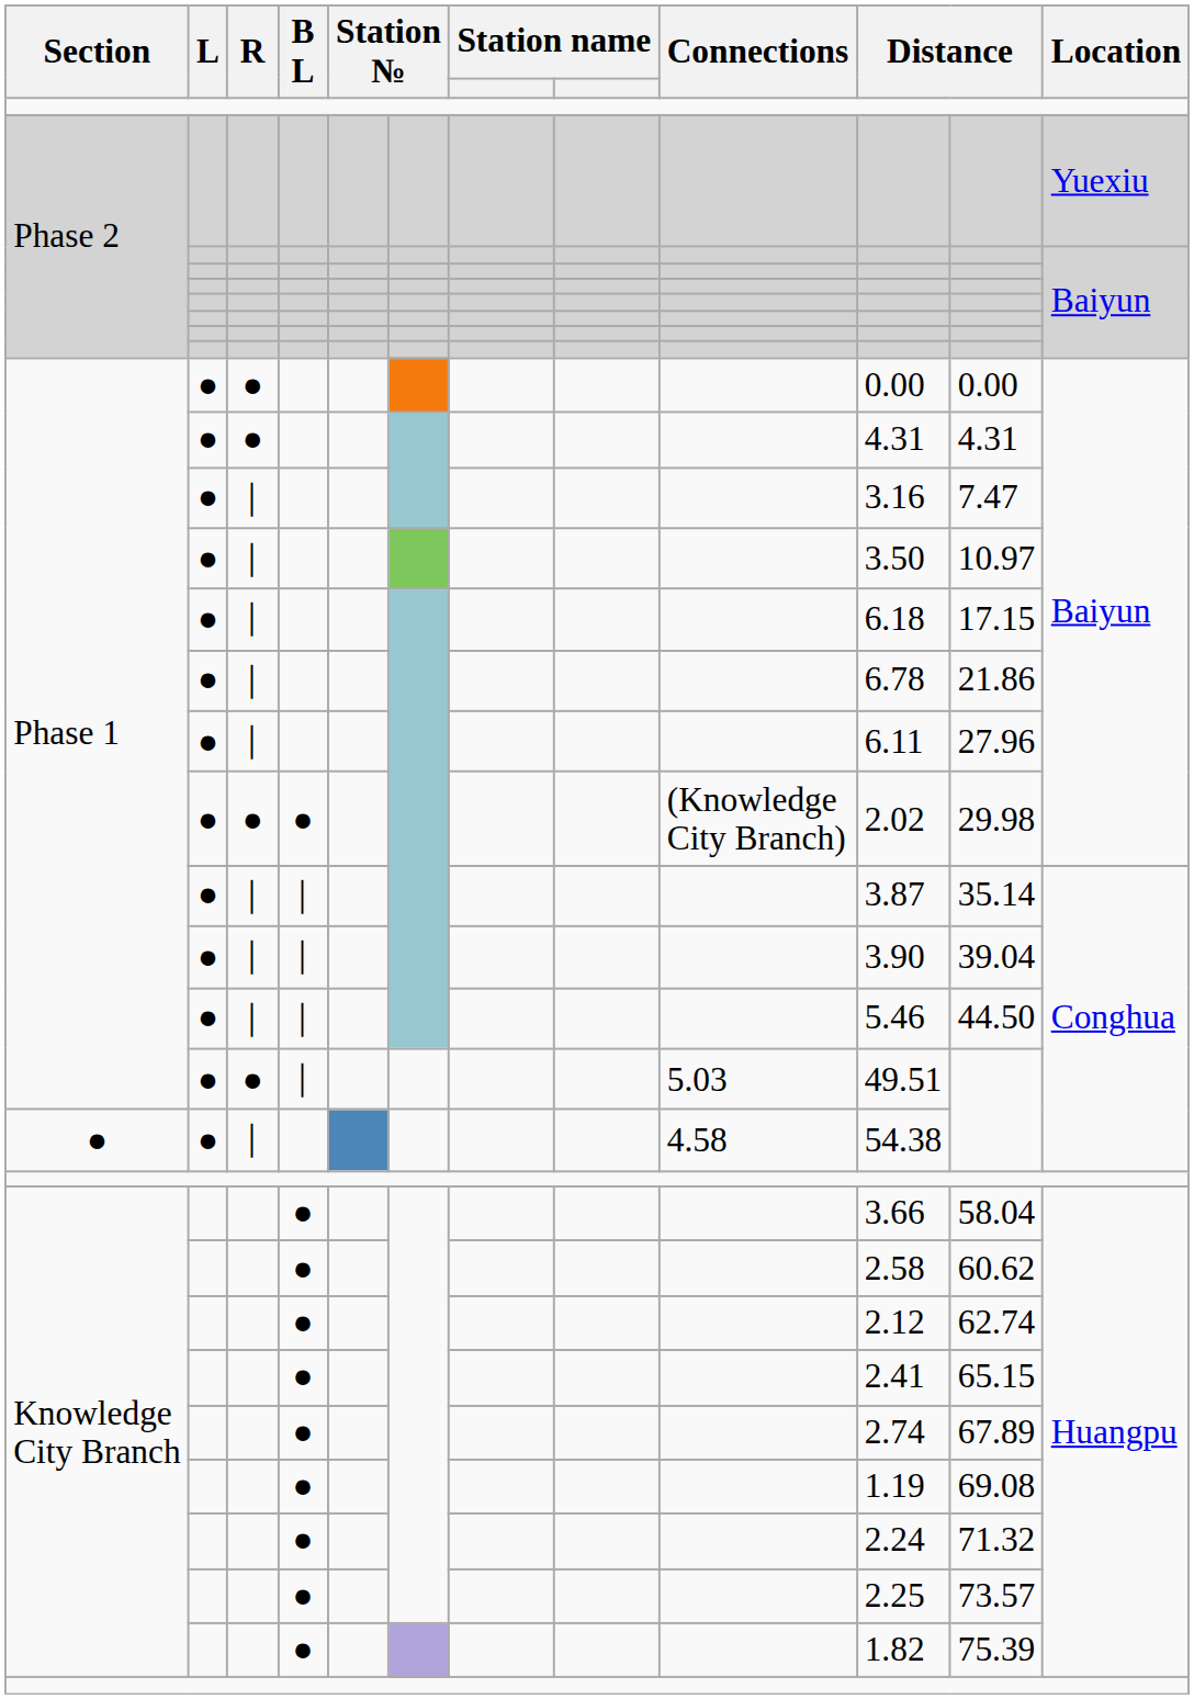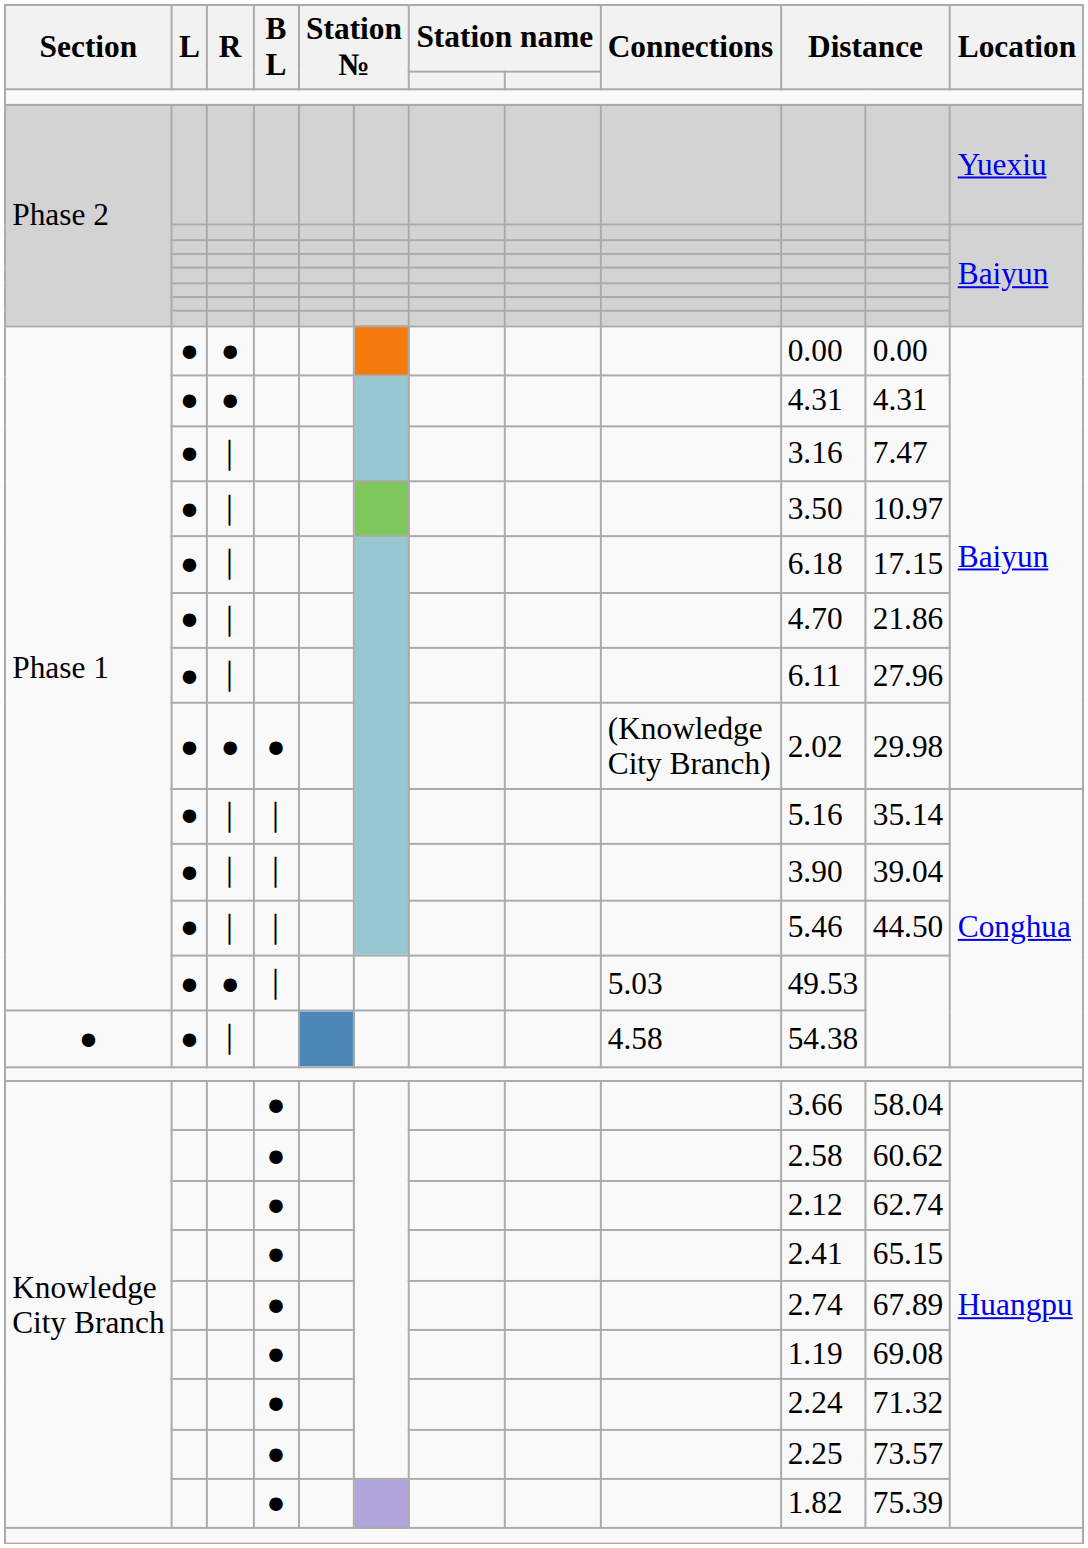 <table class="wikitable">
 <tr>
 <th rowspan="2">Section</th>
 <th rowspan="2">L</th>
 <th rowspan="2">R</th>
 <th rowspan="2">B<br>L</th>
 <th rowspan="2" colspan="2">Station<br>№</th>
 <th colspan="2">Station name</th>
 <th rowspan="2">Connections</th>
 <th colspan="2" rowspan="2">Distance<br></th>
 <th rowspan="2">Location</th>
 </tr>
 <tr>
 <th></th>
 <th></th>
 </tr>
 <tr style="background:#">
 <td colspan = "12"></td>
 </tr>
 <tr>
 </tr>
 <tr bgcolor="lightgrey">
 <td rowspan="8">Phase 2</td>
 <td></td>
 <td></td>
 <td></td>
 <td></td>
 <td></td>
 <td></td>
 <td></td>
 <td> <br> <br> <br> </td>
 <td></td>
 <td></td>
 <td><a href='#'>Yuexiu</a></td>
 </tr>
 <tr bgcolor="lightgrey">
 <td></td>
 <td></td>
 <td></td>
 <td></td>
 <td></td>
 <td></td>
 <td></td>
 <td></td>
 <td></td>
 <td></td>
 <td rowspan="7"><a href='#'>Baiyun</a></td>
 </tr>
 <tr bgcolor="lightgrey">
 <td></td>
 <td></td>
 <td></td>
 <td></td>
 <td></td>
 <td></td>
 <td></td>
 <td></td>
 <td></td>
 <td></td>
 </tr>
 <tr bgcolor="lightgrey">
 <td></td>
 <td></td>
 <td></td>
 <td></td>
 <td></td>
 <td></td>
 <td></td>
 <td> </td>
 <td></td>
 <td></td>
 </tr>
 <tr bgcolor="lightgrey">
 <td></td>
 <td></td>
 <td></td>
 <td></td>
 <td></td>
 <td></td>
 <td></td>
 <td></td>
 <td></td>
 <td></td>
 </tr>
 <tr bgcolor="lightgrey">
 <td></td>
 <td></td>
 <td></td>
 <td></td>
 <td></td>
 <td></td>
 <td></td>
 <td></td>
 <td></td>
 <td></td>
 </tr>
 <tr bgcolor="lightgrey">
 <td></td>
 <td></td>
 <td></td>
 <td></td>
 <td></td>
 <td></td>
 <td></td>
 <td></td>
 <td></td>
 <td></td>
 </tr>
 <tr bgcolor="lightgrey">
 <td></td>
 <td></td>
 <td></td>
 <td></td>
 <td></td>
 <td></td>
 <td></td>
 <td></td>
 <td></td>
 <td></td>
 </tr>
 <tr>
 <td rowspan="13">Phase 1</td>
 <td style="text-align:center;">●</td>
 <td style="text-align:center;">●</td>
 <td style="text-align:center;"></td>
 <td></td>
 <td style="background:#F57A0D;"></td>
 <td></td>
 <td></td>
 <td>   </td>
 <td>0.00</td>
 <td>0.00</td>
 <td rowspan="8"><a href='#'>Baiyun</a></td>
 </tr>
 <tr>
 <td style="text-align:center;">●</td>
 <td style="text-align:center;">●</td>
 <td style="text-align:center;"></td>
 <td></td>
 <td style="background:#97c8d1;" rowspan=2></td>
 <td></td>
 <td></td>
 <td></td>
 <td>4.31</td>
 <td>4.31</td>
 </tr>
 <tr>
 <td style="text-align:center;">●</td>
 <td style="text-align:center;">｜</td>
 <td style="text-align:center;"></td>
 <td></td>
 <td></td>
 <td></td>
 <td></td>
 <td>3.16</td>
 <td>7.47</td>
 </tr>
 <tr>
 <td style="text-align:center;">●</td>
 <td style="text-align:center;">｜</td>
 <td style="text-align:center;"></td>
 <td></td>
 <td style="background:#7EC75C;"></td>
 <td></td>
 <td></td>
 <td></td>
 <td>3.50</td>
 <td>10.97</td>
 </tr>
 <tr>
 <td style="text-align:center;">●</td>
 <td style="text-align:center;">｜</td>
 <td style="text-align:center;"></td>
 <td></td>
 <td style="background:#97c8d1;" rowspan=8></td>
 <td></td>
 <td></td>
 <td> </td>
 <td>6.18</td>
 <td>17.15</td>
 </tr>
 <tr>
 <td style="text-align:center;">●</td>
 <td style="text-align:center;">｜</td>
 <td style="text-align:center;"></td>
 <td></td>
 <td></td>
 <td></td>
 <td></td>
-<td>6.78</td>
+<td>4.70</td>
 <td>21.86</td>
 </tr>
 <tr>
 <td style="text-align:center;">●</td>
 <td style="text-align:center;">｜</td>
 <td style="text-align:center;"></td>
 <td></td>
 <td></td>
 <td></td>
 <td></td>
 <td>6.11</td>
 <td>27.96</td>
 </tr>
 <tr>
 <td style="text-align:center;">●</td>
 <td style="text-align:center;">●</td>
 <td style="text-align:center;">●</td>
 <td></td>
 <td></td>
 <td></td>
 <td> (Knowledge<br>City Branch)</td>
 <td>2.02</td>
 <td>29.98</td>
 </tr>
 <tr>
 </tr>
 <tr>
 <td style="text-align:center;">●</td>
 <td style="text-align:center;">｜</td>
 <td style="text-align:center;">｜</td>
 <td></td>
 <td></td>
 <td></td>
 <td></td>
-<td>3.87</td>
+<td>5.16</td>
 <td>35.14</td>
 <td rowspan="5"><a href='#'>Conghua</a></td>
 </tr>
 <tr>
 <td style="text-align:center;">●</td>
 <td style="text-align:center;">｜</td>
 <td style="text-align:center;">｜</td>
 <td></td>
 <td></td>
 <td></td>
 <td></td>
 <td>3.90</td>
 <td>39.04</td>
 </tr>
 <tr>
 <td style="text-align:center;">●</td>
 <td style="text-align:center;">｜</td>
 <td style="text-align:center;">｜</td>
 <td></td>
 <td></td>
 <td></td>
 <td></td>
 <td>5.46</td>
 <td>44.50</td>
 </tr>
 <tr>
 <td style="text-align:center;">●</td>
 <td style="text-align:center;">●</td>
 <td style="text-align:center;">｜</td>
 <td></td>
 <td></td>
 <td></td>
 <td></td>
 <td>5.03</td>
-<td>49.51</td>
+<td>49.53</td>
 </tr>
 <tr>
 <td style="text-align:center;">●</td>
 <td style="text-align:center;">●</td>
 <td style="text-align:center;">｜</td>
 <td></td>
 <td style="background:#4C85B8;"></td>
 <td></td>
 <td></td>
 <td></td>
 <td>4.58</td>
 <td>54.38</td>
 </tr>
 <tr style="background:#">
 <td colspan = "12"></td>
 </tr>
 <tr>
 <td rowspan="9">Knowledge <br> City Branch</td>
 <td style="text-align:center;"></td>
 <td style="text-align:center;"></td>
 <td style="text-align:center;">●</td>
 <td></td>
 <td rowspan=8></td>
 <td></td>
 <td></td>
 <td></td>
 <td>3.66</td>
 <td>58.04</td>
 <td rowspan="9"><a href='#'>Huangpu</a></td>
 </tr>
 <tr>
 <td style="text-align:center;"></td>
 <td style="text-align:center;"></td>
 <td style="text-align:center;">●</td>
 <td></td>
 <td></td>
 <td></td>
 <td></td>
 <td>2.58</td>
 <td>60.62</td>
 </tr>
 <tr>
 <td style="text-align:center;"></td>
 <td style="text-align:center;"></td>
 <td style="text-align:center;">●</td>
 <td></td>
 <td></td>
 <td></td>
 <td></td>
 <td>2.12</td>
 <td>62.74</td>
 </tr>
 <tr>
 <td style="text-align:center;"></td>
 <td style="text-align:center;"></td>
 <td style="text-align:center;">●</td>
 <td></td>
 <td></td>
 <td></td>
 <td></td>
 <td>2.41</td>
 <td>65.15</td>
 </tr>
 <tr>
 <td style="text-align:center;"></td>
 <td style="text-align:center;"></td>
 <td style="text-align:center;">●</td>
 <td></td>
 <td></td>
 <td></td>
 <td></td>
 <td>2.74</td>
 <td>67.89</td>
 </tr>
 <tr>
 <td style="text-align:center;"></td>
 <td style="text-align:center;"></td>
 <td style="text-align:center;">●</td>
 <td></td>
 <td></td>
 <td></td>
 <td></td>
 <td>1.19</td>
 <td>69.08</td>
 </tr>
 <tr>
 <td style="text-align:center;"></td>
 <td style="text-align:center;"></td>
 <td style="text-align:center;">●</td>
 <td></td>
 <td></td>
 <td></td>
 <td></td>
 <td>2.24</td>
 <td>71.32</td>
 </tr>
 <tr>
 <td style="text-align:center;"></td>
 <td style="text-align:center;"></td>
 <td style="text-align:center;">●</td>
 <td></td>
 <td></td>
 <td></td>
 <td></td>
 <td>2.25</td>
 <td>73.57</td>
 </tr>
 <tr>
 <td style="text-align:center;"></td>
 <td style="text-align:center;"></td>
 <td style="text-align:center;">●</td>
 <td></td>
 <td style="background:#B1A3DC;"></td>
 <td></td>
 <td></td>
 <td> </td>
 <td>1.82</td>
 <td>75.39</td>
 </tr>
 <tr style="background:#">
 <td colspan = "12"></td>
 </tr>
 </table>
